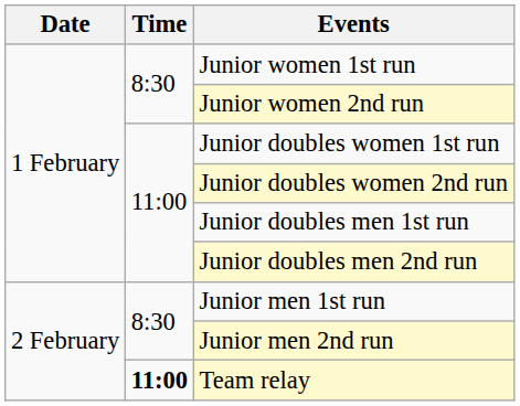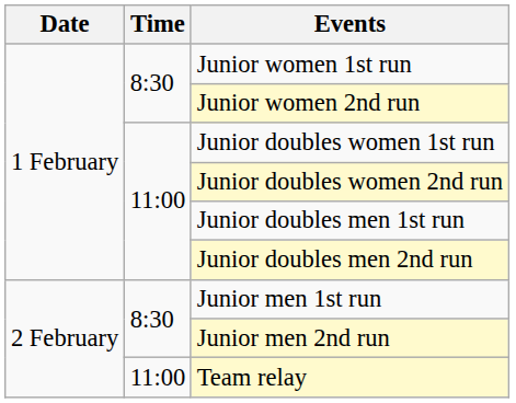 <table class="wikitable">
 <tr>
 <th>Date</th>
 <th>Time</th>
 <th>Events</th>
 </tr>
 <tr>
 <td rowspan=6>1 February</td>
 <td rowspan=2>8:30</td>
 <td>Junior women 1st run</td>
 </tr>
 <tr bgcolor=lemonchiffon>
 <td>Junior women 2nd run</td>
 </tr>
 <tr>
 <td rowspan=4>11:00</td>
 <td>Junior doubles women 1st run</td>
 </tr>
 <tr bgcolor=lemonchiffon>
 <td>Junior doubles women 2nd run</td>
 </tr>
 <tr>
 <td>Junior doubles men 1st run</td>
 </tr>
 <tr bgcolor=lemonchiffon>
 <td>Junior doubles men 2nd run</td>
 </tr>
 <tr>
 <td rowspan=5>2 February</td>
 <td rowspan=2>8:30</td>
 <td>Junior men 1st run</td>
 </tr>
 <tr bgcolor=lemonchiffon>
 <td>Junior men 2nd run</td>
 </tr>
 <tr>
-<td><strong>11:00</strong></td>
+<td>11:00</td>
 <td bgcolor=lemonchiffon>Team relay</td>
 </tr>
 </table>
